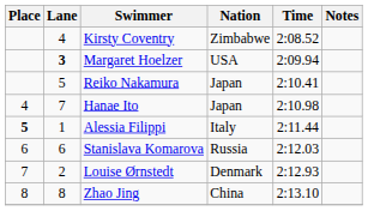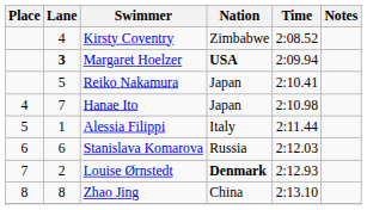 <table class="wikitable sortable" style="text-align:center">
 <tr>
 <th>Place</th>
 <th>Lane</th>
 <th>Swimmer</th>
 <th>Nation</th>
 <th>Time</th>
 <th>Notes</th>
 </tr>
 <tr>
 <td></td>
 <td>4</td>
 <td align=left><a href='#'>Kirsty Coventry</a></td>
 <td align=left> Zimbabwe</td>
 <td>2:08.52</td>
 <td></td>
 </tr>
 <tr>
 <td></td>
 <td><strong>3</strong></td>
 <td align=left><a href='#'>Margaret Hoelzer</a></td>
-<td align=left> USA</td>
+<td align=left><strong> USA</strong></td>
 <td>2:09.94</td>
 <td></td>
 </tr>
 <tr>
 <td></td>
 <td>5</td>
 <td align=left><a href='#'>Reiko Nakamura</a></td>
 <td align=left> Japan</td>
 <td>2:10.41</td>
 <td></td>
 </tr>
 <tr>
 <td>4</td>
 <td>7</td>
 <td align=left><a href='#'>Hanae Ito</a></td>
 <td align=left> Japan</td>
 <td>2:10.98</td>
 <td></td>
 </tr>
 <tr>
-<td><strong>5</strong></td>
+<td>5</td>
 <td>1</td>
 <td align=left><a href='#'>Alessia Filippi</a></td>
 <td align=left> Italy</td>
 <td>2:11.44</td>
 <td></td>
 </tr>
 <tr>
 <td>6</td>
 <td>6</td>
 <td align=left><a href='#'>Stanislava Komarova</a></td>
 <td align=left> Russia</td>
 <td>2:12.03</td>
 <td></td>
 </tr>
 <tr>
 <td>7</td>
 <td>2</td>
 <td align=left><a href='#'>Louise Ørnstedt</a></td>
-<td align=left> Denmark</td>
+<td align=left><strong> Denmark</strong></td>
 <td>2:12.93</td>
 <td></td>
 </tr>
 <tr>
 <td>8</td>
 <td>8</td>
 <td align=left><a href='#'>Zhao Jing</a></td>
 <td align=left> China</td>
 <td>2:13.10</td>
 <td></td>
 </tr>
 <tr>
 </tr>
 </table>
